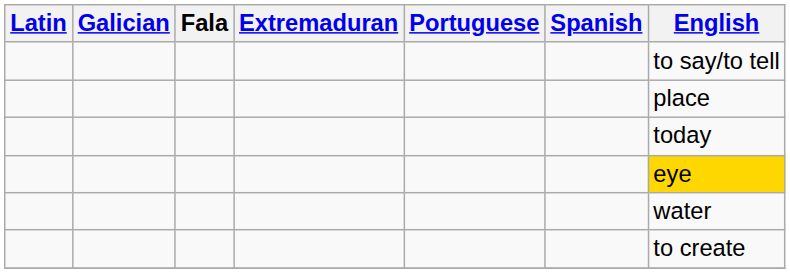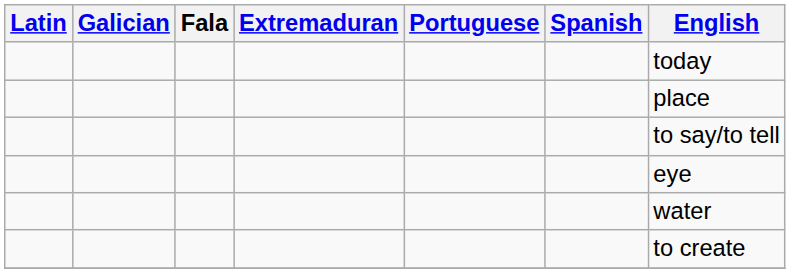 <table class="wikitable" border="1">
 <tr>
 <th><a href='#'>Latin</a></th>
 <th><a href='#'>Galician</a></th>
 <th>Fala</th>
 <th><a href='#'>Extremaduran</a></th>
 <th><a href='#'>Portuguese</a></th>
 <th><a href='#'>Spanish</a></th>
 <th><a href='#'>English</a></th>
 </tr>
 <tr>
 <td></td>
 <td></td>
 <td></td>
 <td></td>
 <td></td>
 <td></td>
-<td>to say/to tell</td>
+<td>today</td>
 </tr>
 <tr>
 <td></td>
 <td></td>
 <td></td>
 <td></td>
 <td></td>
 <td></td>
 <td>place</td>
 </tr>
 <tr>
 <td></td>
 <td></td>
 <td></td>
 <td></td>
 <td></td>
 <td></td>
-<td>today</td>
+<td>to say/to tell</td>
 </tr>
 <tr>
 <td></td>
 <td></td>
 <td></td>
 <td></td>
 <td></td>
 <td></td>
-<td style="background: gold;">eye</td>
+<td>eye</td>
 </tr>
 <tr>
 <td></td>
 <td></td>
 <td></td>
 <td></td>
 <td></td>
 <td></td>
 <td>water</td>
 </tr>
 <tr>
 <td></td>
 <td></td>
 <td></td>
 <td></td>
 <td></td>
 <td></td>
 <td>to create</td>
 </tr>
 <tr>
 </tr>
 </table>
